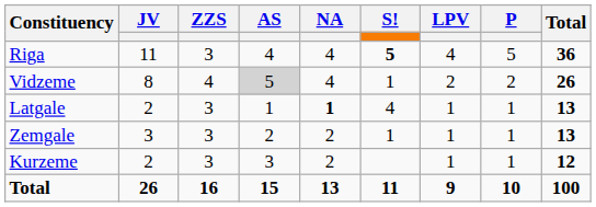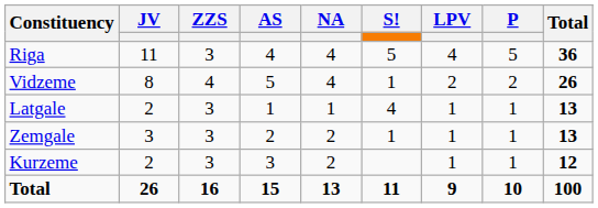 <table class="wikitable sortable" style="text-align:center;font-size:90%;line-height:14px">
 <tr>
 <th rowspan="2" class="wikitable sortable">Constituency</th>
 <th class="wikitable sortable" style="width:40px;"><a href='#'>JV</a></th>
 <th class="wikitable sortable" style="width:40px;"><a href='#'>ZZS</a></th>
 <th class="wikitable sortable" style="width:40px;"><a href='#'>AS</a></th>
 <th class="wikitable sortable" style="width:40px;"><a href='#'>NA</a></th>
 <th class="wikitable sortable" style="width:40px;"><a href='#'>S!</a></th>
 <th class="wikitable sortable" style="width:40px;"><a href='#'>LPV</a></th>
 <th class="wikitable sortable" style="width:40px;"><a href='#'>P</a></th>
 <th rowspan="2">Total</th>
 </tr>
 <tr>
 <th class="wikitable sortable" style="background:"></th>
 <th class="wikitable sortable" style="background:"></th>
 <th class="wikitable sortable" style="background:"></th>
 <th class="wikitable sortable" style="background:"></th>
 <th class="wikitable sortable" style="background:#F77C01;"></th>
 <th class="wikitable sortable" style="background:"></th>
 <th class="wikitable sortable" style="background:"></th>
 </tr>
 <tr>
 <td align="left"><a href='#'>Riga</a></td>
 <td>11</td>
 <td>3</td>
 <td>4</td>
 <td>4</td>
-<td><strong>5</strong></td>
+<td>5</td>
 <td>4</td>
 <td>5</td>
 <td><strong>36</strong></td>
 </tr>
 <tr>
 <td align="left"><a href='#'>Vidzeme</a></td>
 <td>8</td>
 <td>4</td>
-<td style="background: lightgrey;">5</td>
+<td>5</td>
 <td>4</td>
 <td>1</td>
 <td>2</td>
 <td>2</td>
 <td><strong>26</strong></td>
 </tr>
 <tr>
 <td align="left"><a href='#'>Latgale</a></td>
 <td>2</td>
 <td>3</td>
 <td>1</td>
-<td><strong>1</strong></td>
+<td>1</td>
 <td>4</td>
 <td>1</td>
 <td>1</td>
 <td><strong>13</strong></td>
 </tr>
 <tr>
 <td align="left"><a href='#'>Zemgale</a></td>
 <td>3</td>
 <td>3</td>
 <td>2</td>
 <td>2</td>
 <td>1</td>
 <td>1</td>
 <td>1</td>
 <td><strong>13</strong></td>
 </tr>
 <tr>
 <td align="left"><a href='#'>Kurzeme</a></td>
 <td>2</td>
 <td>3</td>
 <td>3</td>
 <td>2</td>
 <td></td>
 <td>1</td>
 <td>1</td>
 <td><strong>12</strong></td>
 </tr>
 <tr class="sortbottom">
 <td align="left"><strong>Total</strong></td>
 <td><strong>26</strong></td>
 <td><strong>16</strong></td>
 <td><strong>15</strong></td>
 <td><strong>13</strong></td>
 <td><strong>11</strong></td>
 <td><strong>9</strong></td>
 <td><strong>10</strong></td>
 <td><strong>100</strong></td>
 </tr>
 </table>
